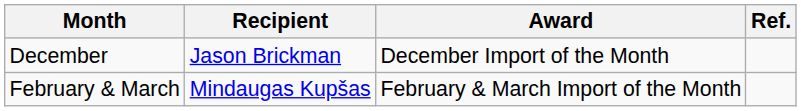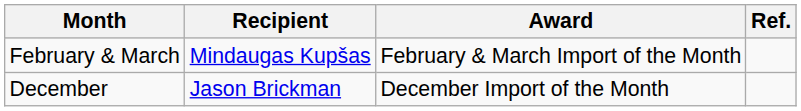 <table class="wikitable">
 <tr>
 <th>Month</th>
 <th>Recipient</th>
 <th>Award</th>
 <th>Ref.</th>
 </tr>
 <tr>
+<td>February & March</td>
+<td><a href='#'>Mindaugas Kupšas</a></td>
+<td>February & March Import of the Month</td>
+<td></td>
+</tr>
+<tr>
 <td>December</td>
 <td><a href='#'>Jason Brickman</a></td>
 <td>December Import of the Month</td>
 <td></td>
 </tr>
-<tr>
-<td>February & March</td>
-<td><a href='#'>Mindaugas Kupšas</a></td>
-<td>February & March Import of the Month</td>
-<td></td>
-</tr>
 </table>
